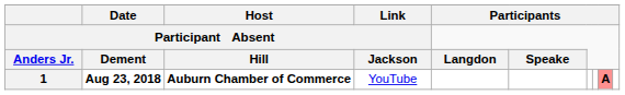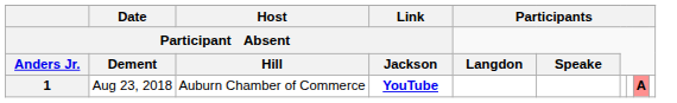 <table class="wikitable" style="text-align:center;">
 <tr>
 </tr>
 <tr style="font-size:small;">
 <th scope="col"></th>
 <th scope="col">Date</th>
 <th scope="col">Host</th>
 <th scope="col">Link</th>
 <th scope="col" colspan="6">Participants</th>
 </tr>
 <tr>
 <th colspan="4" rowspan="2"> <small>Participant  </small> <small>Absent  </small></th>
 </tr>
 <tr>
 </tr>
 <tr style="font-size:small;">
 <th scope="col" style="width:75px;"><a href='#'>Anders Jr.</a></th>
 <th scope="col" style="width:75px;">Dement</th>
 <th scope="col" style="width:75px;">Hill</th>
 <th scope="col" style="width:75px;">Jackson</th>
 <th scope="col" style="width:75px;">Langdon</th>
 <th scope="col" style="width:75px;">Speake</th>
 </tr>
 <tr style="background:#FFFFFF;font-size:small;">
 <th scope="row">1</th>
-<td style="white-space:nowrap;"><strong>Aug 23, 2018</strong></td>
-<td style="white-space:nowrap;"><strong>Auburn Chamber of Commerce</strong></td>
-<td style="white-space:nowrap;"><a href='#'>YouTube</a></td>
+<td style="white-space:nowrap;">Aug 23, 2018</td>
+<td style="white-space:nowrap;">Auburn Chamber of Commerce</td>
+<td style="white-space:nowrap;"><strong><a href='#'>YouTube</a></strong></td>
 <td></td>
 <td></td>
 <td></td>
 <td></td>
 <td style="background:#ff9090; color:black; text-align:center;"><strong>A</strong></td>
 <td></td>
 </tr>
 </table>
